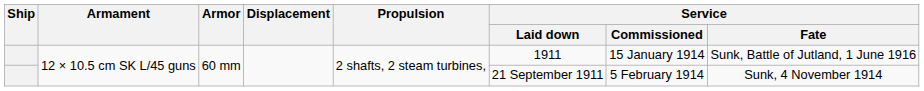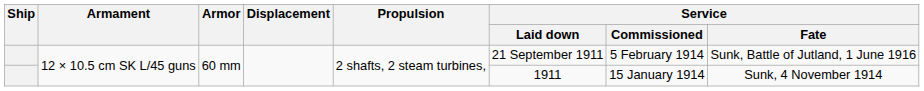 <table class="wikitable plainrowheaders" style="text-align: center;">
 <tr valign="top">
 <th scope="col" rowspan="2">Ship</th>
 <th scope="col" rowspan="2">Armament</th>
 <th scope="col" rowspan="2">Armor</th>
 <th scope="col" rowspan="2">Displacement</th>
 <th scope="col" rowspan="2">Propulsion</th>
 <th scope="col" colspan="3">Service</th>
 </tr>
 <tr valign="top">
 <th scope="col">Laid down</th>
 <th scope="col">Commissioned</th>
 <th scope="col">Fate</th>
 </tr>
 <tr valign="center">
 <th scope="row"></th>
 <td rowspan="2">12 × 10.5 cm SK L/45 guns</td>
 <td rowspan="2">60 mm</td>
 <td rowspan="2"></td>
 <td rowspan="2">2 shafts, 2 steam turbines, </td>
-<td>1911</td>
-<td>15 January 1914</td>
+<td>21 September 1911</td>
+<td>5 February 1914</td>
 <td>Sunk, Battle of Jutland, 1 June 1916</td>
 </tr>
 <tr valign="center">
 <th scope="row"></th>
-<td>21 September 1911</td>
-<td>5 February 1914</td>
+<td>1911</td>
+<td>15 January 1914</td>
 <td>Sunk, 4 November 1914</td>
 </tr>
 </table>
